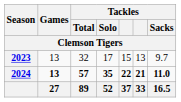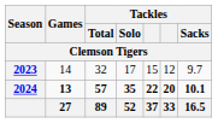 <table class=wikitable style="text-align:center;">
 <tr>
 <th rowspan=2>Season</th>
 <th colspan="1" rowspan="2">Games</th>
 <th colspan=5>Tackles</th>
 </tr>
 <tr>
 <th>Total</th>
 <th>Solo</th>
 <th></th>
 <th></th>
 <th>Sacks</th>
 </tr>
 <tr>
 <th colspan="7">Clemson Tigers</th>
 </tr>
 <tr>
 <th><a href='#'>2023</a></th>
-<td>13</td>
+<td>14</td>
 <td>32</td>
 <td>17</td>
 <td>15</td>
-<td>13</td>
+<td>12</td>
 <td>9.7</td>
 </tr>
 <tr>
 <th><a href='#'>2024</a></th>
 <td><strong>13</strong></td>
 <td><strong>57</strong></td>
 <td><strong>35</strong></td>
 <td><strong>22</strong></td>
-<td><strong>21</strong></td>
-<td><strong>11.0</strong></td>
+<td><strong>20</strong></td>
+<td><strong>10.1</strong></td>
 </tr>
 <tr>
 <th></th>
 <th>27</th>
 <th>89</th>
 <th>52</th>
 <th>37</th>
 <th>33</th>
 <th>16.5</th>
 </tr>
 </table>
